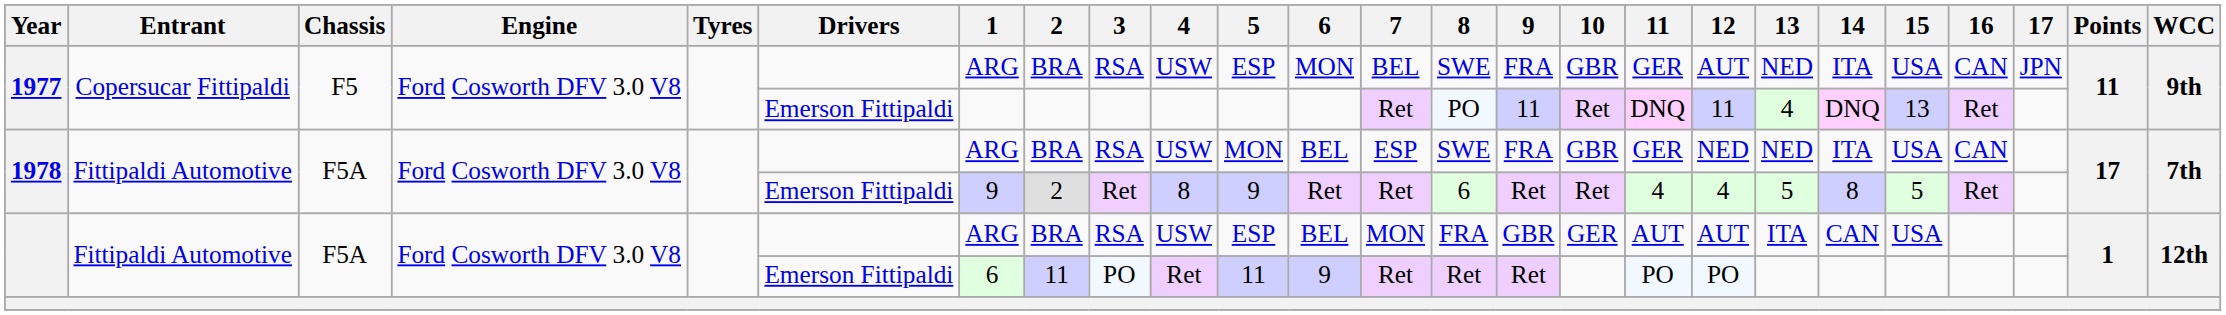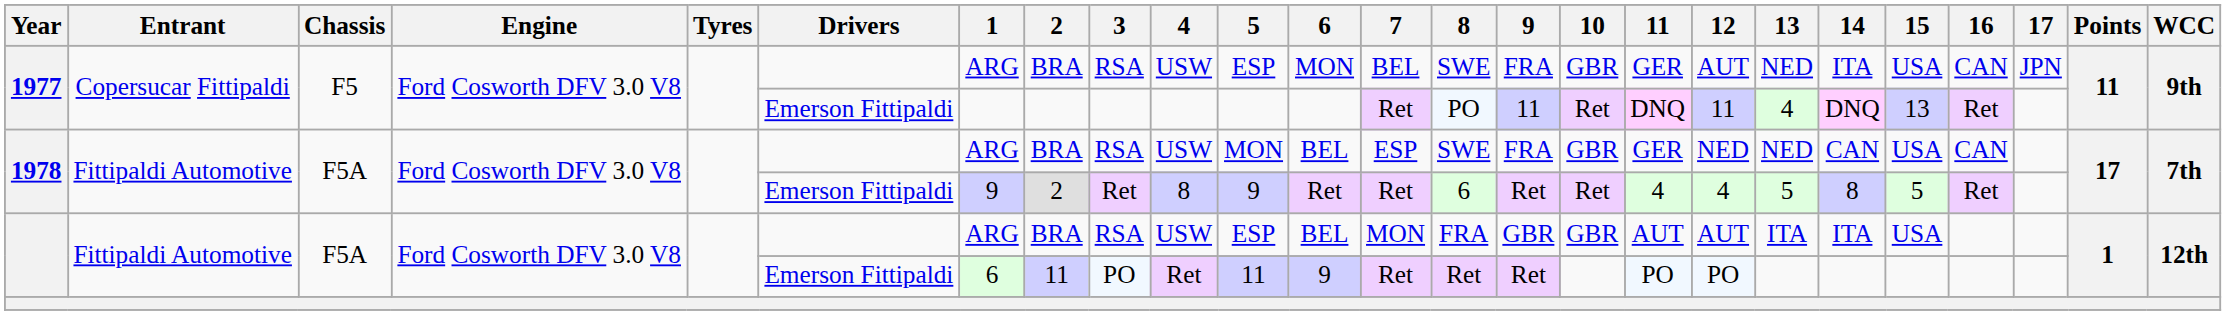 <table class="wikitable" style="text-align:center; font-size:85%">
 <tr>
 <th>Year</th>
 <th>Entrant</th>
 <th>Chassis</th>
 <th>Engine</th>
 <th>Tyres</th>
 <th>Drivers</th>
 <th>1</th>
 <th>2</th>
 <th>3</th>
 <th>4</th>
 <th>5</th>
 <th>6</th>
 <th>7</th>
 <th>8</th>
 <th>9</th>
 <th>10</th>
 <th>11</th>
 <th>12</th>
 <th>13</th>
 <th>14</th>
 <th>15</th>
 <th>16</th>
 <th>17</th>
 <th>Points</th>
 <th>WCC</th>
 </tr>
 <tr>
 <th rowspan="2"><a href='#'>1977</a></th>
 <td rowspan="2"><a href='#'>Copersucar</a> <a href='#'>Fittipaldi</a></td>
 <td rowspan="2">F5</td>
 <td rowspan="2"><a href='#'>Ford</a> <a href='#'>Cosworth DFV</a> 3.0 <a href='#'>V8</a></td>
 <td rowspan="2"></td>
 <td></td>
 <td><a href='#'>ARG</a></td>
 <td><a href='#'>BRA</a></td>
 <td><a href='#'>RSA</a></td>
 <td><a href='#'>USW</a></td>
 <td><a href='#'>ESP</a></td>
 <td><a href='#'>MON</a></td>
 <td><a href='#'>BEL</a></td>
 <td><a href='#'>SWE</a></td>
 <td><a href='#'>FRA</a></td>
 <td><a href='#'>GBR</a></td>
 <td><a href='#'>GER</a></td>
 <td><a href='#'>AUT</a></td>
 <td><a href='#'>NED</a></td>
 <td><a href='#'>ITA</a></td>
 <td><a href='#'>USA</a></td>
 <td><a href='#'>CAN</a></td>
 <td><a href='#'>JPN</a></td>
 <th rowspan="2">11</th>
 <th rowspan="2">9th</th>
 </tr>
 <tr>
 <td><a href='#'>Emerson Fittipaldi</a></td>
 <td></td>
 <td></td>
 <td></td>
 <td></td>
 <td></td>
 <td></td>
 <td style="background:#EFCFFF;">Ret</td>
 <td style="background:#F1F8FF;">PO</td>
 <td style="background:#CFCFFF;">11</td>
 <td style="background:#EFCFFF;">Ret</td>
 <td style="background:#FFCFFF;">DNQ</td>
 <td style="background:#CFCFFF;">11</td>
 <td style="background:#DFFFDF;">4</td>
 <td style="background:#FFCFFF;">DNQ</td>
 <td style="background:#CFCFFF;">13</td>
 <td style="background:#EFCFFF;">Ret</td>
 <td></td>
 </tr>
 <tr>
 <th rowspan="2"><a href='#'>1978</a></th>
 <td rowspan="2"><a href='#'>Fittipaldi Automotive</a></td>
 <td rowspan="2">F5A</td>
 <td rowspan="2"><a href='#'>Ford</a> <a href='#'>Cosworth DFV</a> 3.0 <a href='#'>V8</a></td>
 <td rowspan="2"></td>
 <td></td>
 <td><a href='#'>ARG</a></td>
 <td><a href='#'>BRA</a></td>
 <td><a href='#'>RSA</a></td>
 <td><a href='#'>USW</a></td>
 <td><a href='#'>MON</a></td>
 <td><a href='#'>BEL</a></td>
 <td><a href='#'>ESP</a></td>
 <td><a href='#'>SWE</a></td>
 <td><a href='#'>FRA</a></td>
 <td><a href='#'>GBR</a></td>
 <td><a href='#'>GER</a></td>
 <td><a href='#'>NED</a></td>
 <td><a href='#'>NED</a></td>
-<td><a href='#'>ITA</a></td>
+<td><a href='#'>CAN</a></td>
 <td><a href='#'>USA</a></td>
 <td><a href='#'>CAN</a></td>
 <td></td>
 <th rowspan="2">17</th>
 <th rowspan="2">7th</th>
 </tr>
 <tr>
 <td><a href='#'>Emerson Fittipaldi</a></td>
 <td style="background:#CFCFFF;">9</td>
 <td style="background:#DFDFDF;">2</td>
 <td style="background:#EFCFFF;">Ret</td>
 <td style="background:#CFCFFF;">8</td>
 <td style="background:#CFCFFF;">9</td>
 <td style="background:#EFCFFF;">Ret</td>
 <td style="background:#EFCFFF;">Ret</td>
 <td style="background:#DFFFDF;">6</td>
 <td style="background:#EFCFFF;">Ret</td>
 <td style="background:#EFCFFF;">Ret</td>
 <td style="background:#DFFFDF;">4</td>
 <td style="background:#DFFFDF;">4</td>
 <td style="background:#DFFFDF;">5</td>
 <td style="background:#CFCFFF;">8</td>
 <td style="background:#DFFFDF;">5</td>
 <td style="background:#EFCFFF;">Ret</td>
 <td></td>
 </tr>
 <tr>
 <th rowspan="2"></th>
 <td rowspan="2"><a href='#'>Fittipaldi Automotive</a></td>
 <td rowspan="2">F5A</td>
 <td rowspan="2"><a href='#'>Ford</a> <a href='#'>Cosworth DFV</a> 3.0 <a href='#'>V8</a></td>
 <td rowspan="2"></td>
 <td></td>
 <td><a href='#'>ARG</a></td>
 <td><a href='#'>BRA</a></td>
 <td><a href='#'>RSA</a></td>
 <td><a href='#'>USW</a></td>
 <td><a href='#'>ESP</a></td>
 <td><a href='#'>BEL</a></td>
 <td><a href='#'>MON</a></td>
 <td><a href='#'>FRA</a></td>
 <td><a href='#'>GBR</a></td>
-<td><a href='#'>GER</a></td>
+<td><a href='#'>GBR</a></td>
 <td><a href='#'>AUT</a></td>
 <td><a href='#'>AUT</a></td>
 <td><a href='#'>ITA</a></td>
-<td><a href='#'>CAN</a></td>
+<td><a href='#'>ITA</a></td>
 <td><a href='#'>USA</a></td>
 <td></td>
 <td></td>
 <th rowspan="2">1</th>
 <th rowspan="2">12th</th>
 </tr>
 <tr>
 <td><a href='#'>Emerson Fittipaldi</a></td>
 <td style="background:#DFFFDF;">6</td>
 <td style="background:#CFCFFF;">11</td>
 <td style="background:#F1F8FF;">PO</td>
 <td style="background:#EFCFFF;">Ret</td>
 <td style="background:#CFCFFF;">11</td>
 <td style="background:#CFCFFF;">9</td>
 <td style="background:#EFCFFF;">Ret</td>
 <td style="background:#EFCFFF;">Ret</td>
 <td style="background:#EFCFFF;">Ret</td>
 <td></td>
 <td style="background:#F1F8FF;">PO</td>
 <td style="background:#F1F8FF;">PO</td>
 <td></td>
 <td></td>
 <td></td>
 <td></td>
 <td></td>
 </tr>
 <tr>
 <th colspan="25"></th>
 </tr>
 </table>
